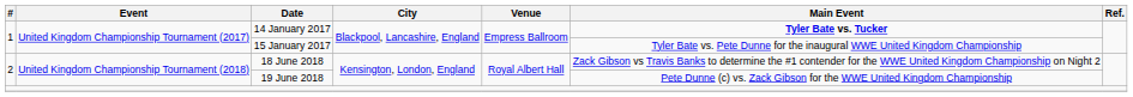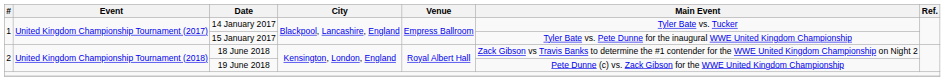 <table class="sortable wikitable succession-box" style="font-size:85%; text-align:center;">
 <tr>
 <th>#</th>
 <th>Event</th>
 <th>Date</th>
 <th>City</th>
 <th>Venue</th>
 <th>Main Event</th>
 <th>Ref.</th>
 </tr>
 <tr>
 <td rowspan="2">1</td>
 <td rowspan="2"><a href='#'>United Kingdom Championship Tournament (2017)</a></td>
 <td>14 January 2017</td>
 <td rowspan=2><a href='#'>Blackpool</a>, <a href='#'>Lancashire</a>, <a href='#'>England</a></td>
 <td rowspan=2><a href='#'>Empress Ballroom</a></td>
-<td><strong><a href='#'>Tyler Bate</a> vs. <a href='#'>Tucker</a></strong></td>
+<td><a href='#'>Tyler Bate</a> vs. <a href='#'>Tucker</a></td>
 <td rowspan="2"></td>
 </tr>
 <tr>
 <td>15 January 2017</td>
 <td><a href='#'>Tyler Bate</a> vs. <a href='#'>Pete Dunne</a> for the inaugural <a href='#'>WWE United Kingdom Championship</a></td>
 </tr>
 <tr>
 <td rowspan="2">2</td>
 <td rowspan="2"><a href='#'>United Kingdom Championship Tournament (2018)</a></td>
 <td>18 June 2018<br></td>
 <td rowspan=2><a href='#'>Kensington</a>, <a href='#'>London</a>, <a href='#'>England</a></td>
 <td rowspan=2><a href='#'>Royal Albert Hall</a></td>
 <td><a href='#'>Zack Gibson</a> vs <a href='#'>Travis Banks</a> to determine the #1 contender for the <a href='#'>WWE United Kingdom Championship</a> on Night 2</td>
 <td rowspan="2"></td>
 </tr>
 <tr>
 <td>19 June 2018<br></td>
 <td><a href='#'>Pete Dunne</a> (c) vs. <a href='#'>Zack Gibson</a> for the <a href='#'>WWE United Kingdom Championship</a></td>
 </tr>
 <tr>
 <td colspan="7"></td>
 </tr>
 <tr>
 </tr>
 </table>
